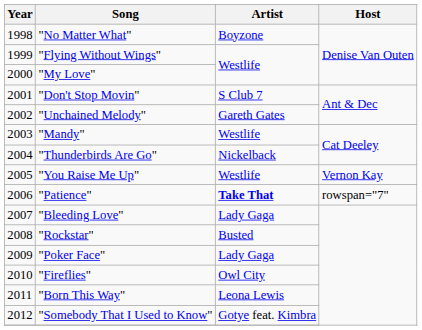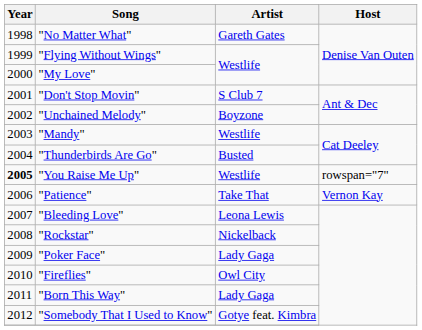 <table class="wikitable">
 <tr>
 <th>Year</th>
 <th>Song</th>
 <th>Artist</th>
 <th>Host</th>
 </tr>
 <tr>
 <td>1998</td>
 <td>"<a href='#'>No Matter What</a>"</td>
-<td><a href='#'>Boyzone</a></td>
+<td><a href='#'>Gareth Gates</a></td>
 <td rowspan="3"><a href='#'>Denise Van Outen</a></td>
 </tr>
 <tr>
 <td>1999</td>
 <td>"<a href='#'>Flying Without Wings</a>"</td>
 <td rowspan="2"><a href='#'>Westlife</a></td>
 </tr>
 <tr>
 <td>2000</td>
 <td>"<a href='#'>My Love</a>"</td>
 </tr>
 <tr>
 <td>2001</td>
 <td>"<a href='#'>Don't Stop Movin</a>"</td>
 <td><a href='#'>S Club 7</a></td>
 <td rowspan="2"><a href='#'>Ant & Dec</a></td>
 </tr>
 <tr>
 <td>2002</td>
 <td>"<a href='#'>Unchained Melody</a>"</td>
-<td><a href='#'>Gareth Gates</a></td>
+<td><a href='#'>Boyzone</a></td>
 </tr>
 <tr>
 <td>2003</td>
 <td>"<a href='#'>Mandy</a>"</td>
 <td><a href='#'>Westlife</a></td>
 <td rowspan="2"><a href='#'>Cat Deeley</a></td>
 </tr>
 <tr>
 <td>2004</td>
 <td>"<a href='#'>Thunderbirds Are Go</a>"</td>
-<td><a href='#'>Nickelback</a></td>
+<td><a href='#'>Busted</a></td>
 </tr>
 <tr>
-<td>2005</td>
+<td><strong>2005</strong></td>
 <td>"<a href='#'>You Raise Me Up</a>"</td>
 <td><a href='#'>Westlife</a></td>
-<td><a href='#'>Vernon Kay</a></td>
+<td>rowspan="7" </td>
 </tr>
 <tr>
 <td>2006</td>
 <td>"<a href='#'>Patience</a>"</td>
-<td><strong><a href='#'>Take That</a></strong></td>
-<td>rowspan="7" </td>
+<td><a href='#'>Take That</a></td>
+<td><a href='#'>Vernon Kay</a></td>
 </tr>
 <tr>
 <td>2007</td>
 <td>"<a href='#'>Bleeding Love</a>"</td>
-<td><a href='#'>Lady Gaga</a></td>
+<td><a href='#'>Leona Lewis</a></td>
 </tr>
 <tr>
 <td>2008</td>
 <td>"<a href='#'>Rockstar</a>"</td>
-<td><a href='#'>Busted</a></td>
+<td><a href='#'>Nickelback</a></td>
 </tr>
 <tr>
 <td>2009</td>
 <td>"<a href='#'>Poker Face</a>"</td>
 <td><a href='#'>Lady Gaga</a></td>
 </tr>
 <tr>
 <td>2010</td>
 <td>"<a href='#'>Fireflies</a>"</td>
 <td><a href='#'>Owl City</a></td>
 </tr>
 <tr>
 <td>2011</td>
 <td>"<a href='#'>Born This Way</a>"</td>
-<td><a href='#'>Leona Lewis</a></td>
+<td><a href='#'>Lady Gaga</a></td>
 </tr>
 <tr>
 <td>2012</td>
 <td>"<a href='#'>Somebody That I Used to Know</a>"</td>
 <td><a href='#'>Gotye</a> feat. <a href='#'>Kimbra</a></td>
 </tr>
 <tr>
 </tr>
 </table>
